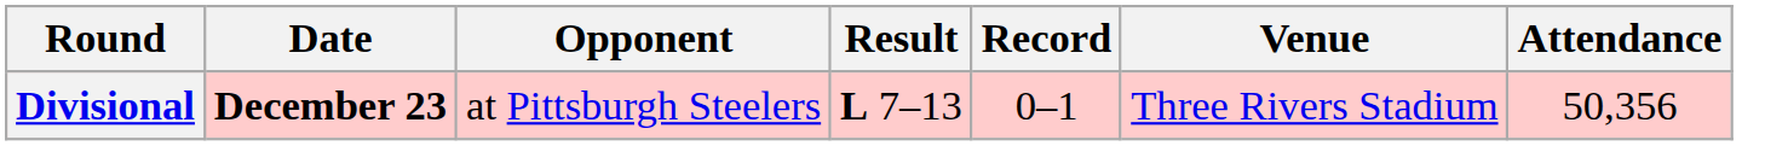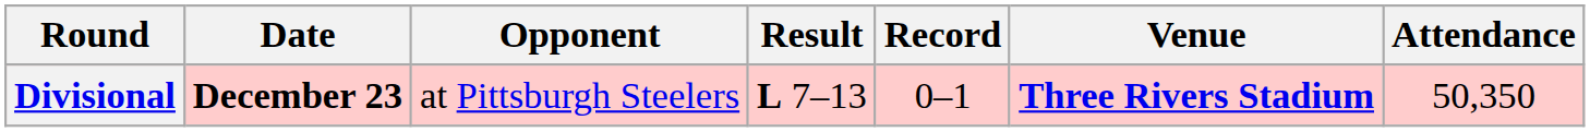 <table class="wikitable" style="text-align:center">
 <tr>
 <th>Round</th>
 <th>Date</th>
 <th>Opponent</th>
 <th>Result</th>
 <th>Record</th>
 <th>Venue</th>
 <th>Attendance</th>
 </tr>
 <tr style="background:#fcc">
 <th><a href='#'>Divisional</a></th>
 <td><strong>December 23</strong></td>
 <td>at <a href='#'>Pittsburgh Steelers</a></td>
 <td><strong>L</strong> 7–13</td>
 <td>0–1</td>
-<td><a href='#'>Three Rivers Stadium</a></td>
-<td>50,356</td>
+<td><strong><a href='#'>Three Rivers Stadium</a></strong></td>
+<td>50,350</td>
 </tr>
 </table>
